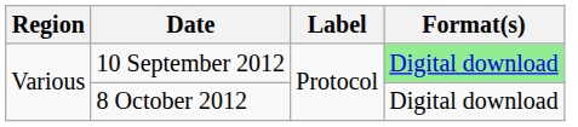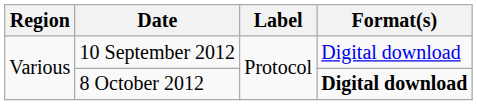 <table class="wikitable plainrowheaders">
 <tr>
 <th scope="col">Region</th>
 <th scope="col">Date</th>
 <th scope="col">Label</th>
 <th scope="col">Format(s)</th>
 </tr>
 <tr>
 <td rowspan="2">Various</td>
 <td>10 September 2012</td>
 <td rowspan="2">Protocol</td>
-<td style="background: lightgreen;"><a href='#'>Digital download</a></td>
+<td><a href='#'>Digital download</a></td>
 </tr>
 <tr>
 <td>8 October 2012</td>
-<td>Digital download </td>
+<td><strong>Digital download </strong></td>
 </tr>
 </table>
